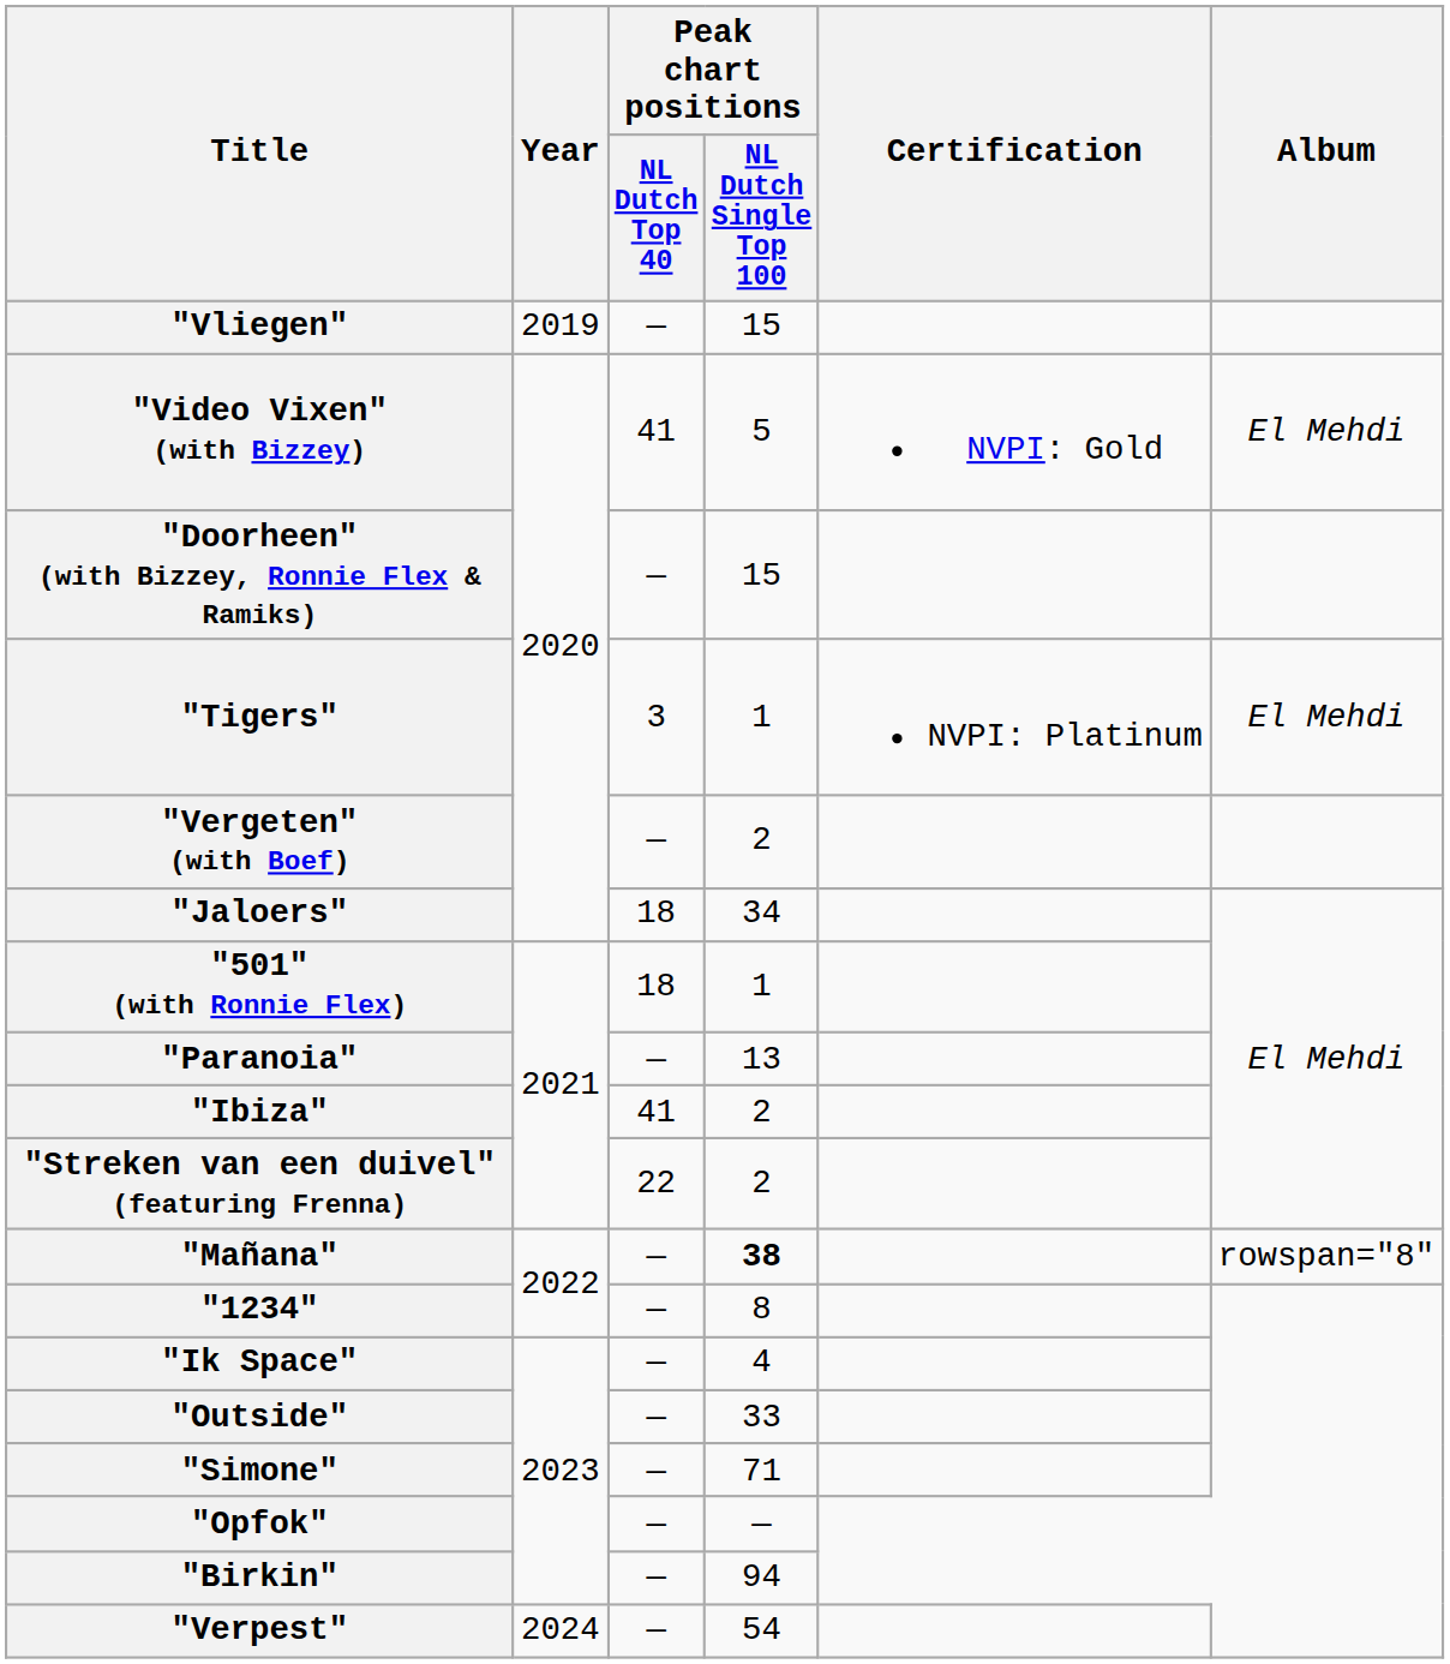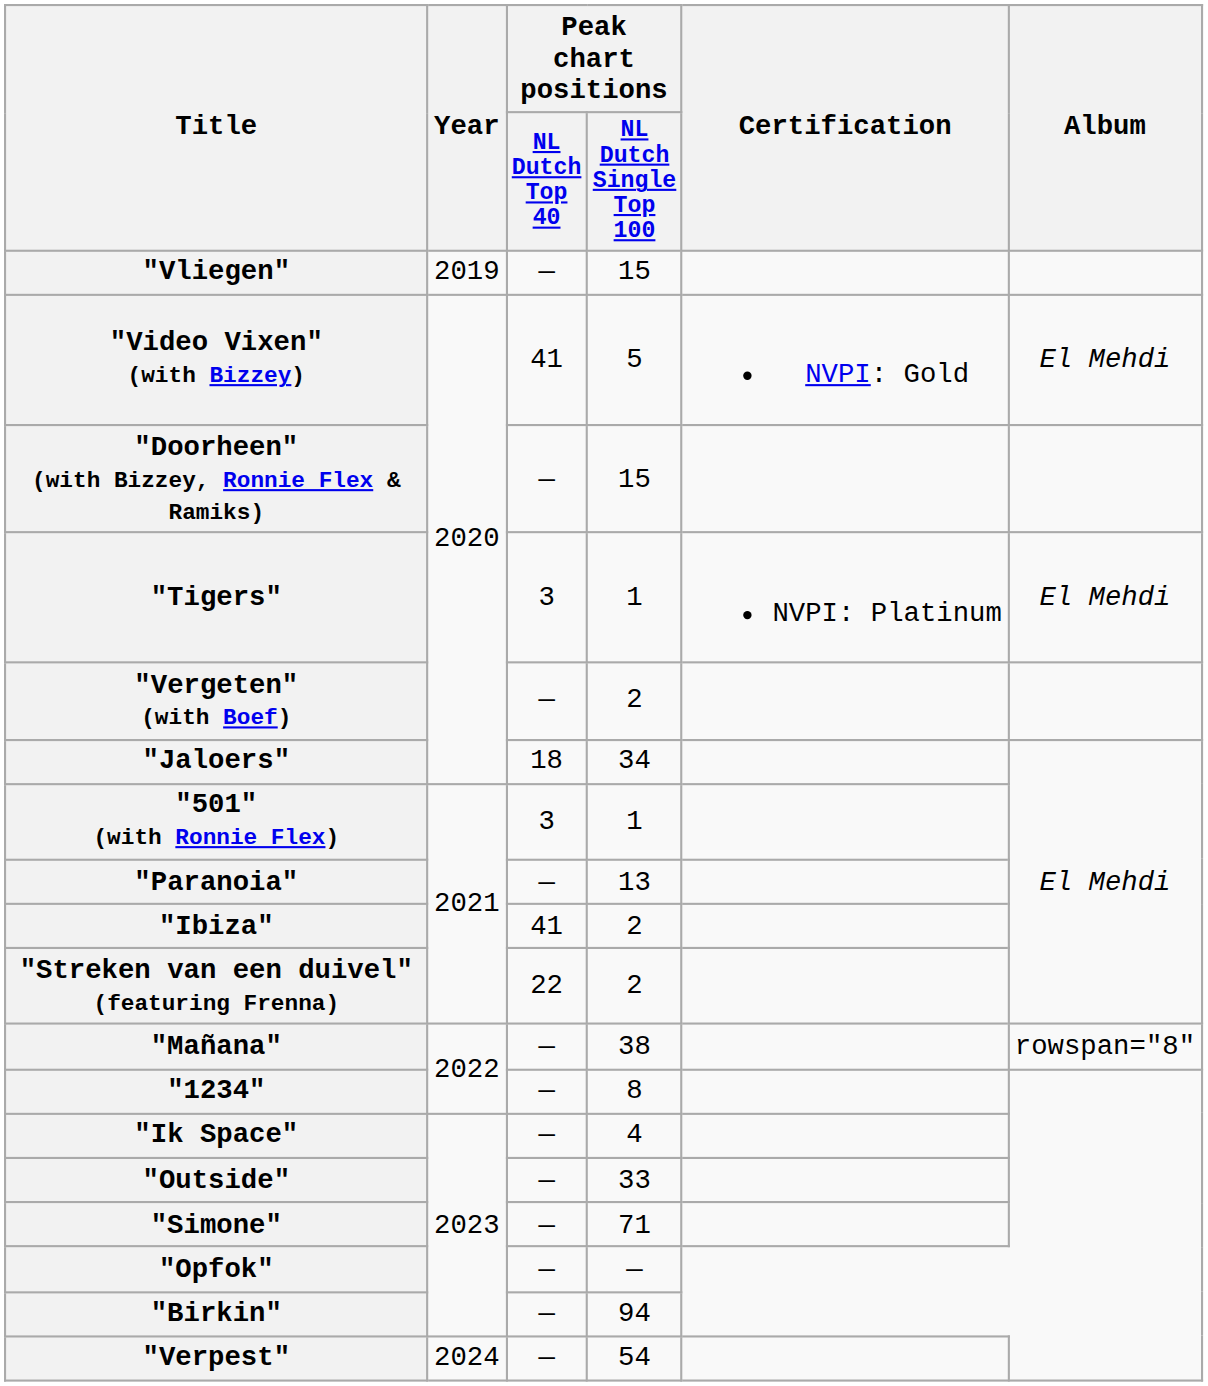 <table class="wikitable plainrowheaders" style="text-align:center;">
 <tr>
 <th scope="col" rowspan="2" style="width:15em;">Title</th>
 <th scope="col" rowspan="2" style="width:1em;">Year</th>
 <th scope="col" colspan="2">Peak chart positions</th>
 <th scope="col" rowspan="2">Certification</th>
 <th scope="col" rowspan="2">Album</th>
 </tr>
 <tr>
 <th scope="col" style="width:3em;font-size:85%;"><a href='#'>NL<br>Dutch<br>Top 40</a><br></th>
 <th scope="col" style="width:3em;font-size:85%;"><a href='#'>NL<br>Dutch<br>Single<br>Top 100</a><br></th>
 </tr>
 <tr>
 <th scope="row">"Vliegen"</th>
 <td>2019</td>
 <td>—</td>
 <td>15</td>
 <td></td>
 <td></td>
 </tr>
 <tr>
 <th scope="row">"Video Vixen" <br><small>(with <a href='#'>Bizzey</a>)</small></th>
 <td rowspan=5>2020</td>
 <td>41</td>
 <td>5</td>
 <td><br><ul><li><a href='#'>NVPI</a>: Gold</li></ul></td>
 <td><em>El Mehdi</em></td>
 </tr>
 <tr>
 <th scope="row">"Doorheen" <br><small>(with Bizzey, <a href='#'>Ronnie Flex</a> & Ramiks)</small></th>
 <td>—</td>
 <td>15</td>
 <td></td>
 <td></td>
 </tr>
 <tr>
 <th scope="row">"Tigers"</th>
 <td>3</td>
 <td>1</td>
 <td><br><ul><li>NVPI: Platinum</li></ul></td>
 <td><em>El Mehdi</em></td>
 </tr>
 <tr>
 <th scope="row">"Vergeten" <br><small>(with <a href='#'>Boef</a>)</small></th>
 <td>—</td>
 <td>2</td>
 <td></td>
 <td></td>
 </tr>
 <tr>
 <th scope="row">"Jaloers"</th>
 <td>18</td>
 <td>34</td>
 <td></td>
 <td rowspan="5"><em>El Mehdi</em></td>
 </tr>
 <tr>
 <th scope="row">"501" <br><small>(with <a href='#'>Ronnie Flex</a>)</small></th>
 <td rowspan="4">2021</td>
-<td>18</td>
+<td>3</td>
 <td>1</td>
 <td></td>
 </tr>
 <tr>
 <th scope="row">"Paranoia"</th>
 <td>—</td>
 <td>13</td>
 <td></td>
 </tr>
 <tr>
 <th scope="row">"Ibiza"</th>
 <td>41</td>
 <td>2</td>
 <td></td>
 </tr>
 <tr>
 <th scope="row">"Streken van een duivel" <br><small>(featuring Frenna)</small></th>
 <td>22</td>
 <td>2</td>
 <td></td>
 </tr>
 <tr>
 <th scope="row">"Mañana"<br></th>
 <td rowspan="2">2022</td>
 <td>—</td>
-<td><strong>38</strong></td>
+<td>38</td>
 <td></td>
 <td>rowspan="8" </td>
 </tr>
 <tr>
 <th scope="row">"1234"<br></th>
 <td>—</td>
 <td>8</td>
 <td></td>
 </tr>
 <tr>
 <th scope="row">"Ik Space"<br></th>
 <td rowspan="5">2023</td>
 <td>—</td>
 <td>4</td>
 <td></td>
 </tr>
 <tr>
 <th scope="row">"Outside"<br></th>
 <td>—</td>
 <td>33</td>
 <td></td>
 </tr>
 <tr>
 <th scope="row">"Simone"</th>
 <td>—</td>
 <td>71</td>
 <td></td>
 </tr>
 <tr>
 <th scope="row">"Opfok"</th>
 <td>—</td>
 <td>—</td>
 </tr>
 <tr>
 <th scope="row">"Birkin"<br></th>
 <td>—</td>
 <td>94</td>
 </tr>
 <tr>
 <th scope="row">"Verpest"<br></th>
 <td>2024</td>
 <td>—</td>
 <td>54</td>
 <td></td>
 </tr>
 </table>
